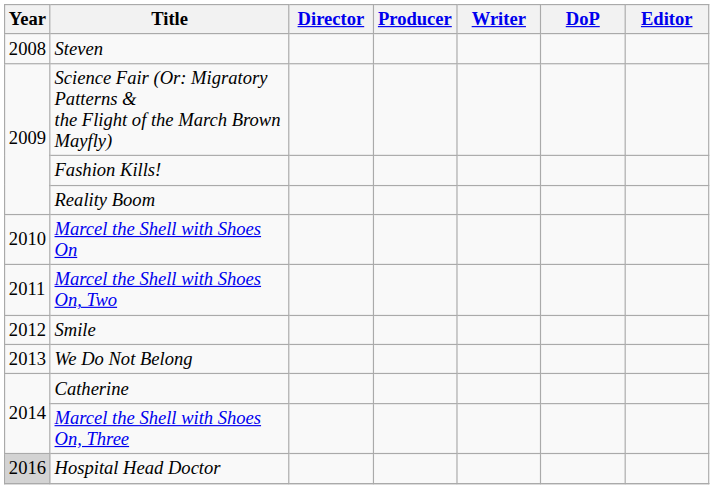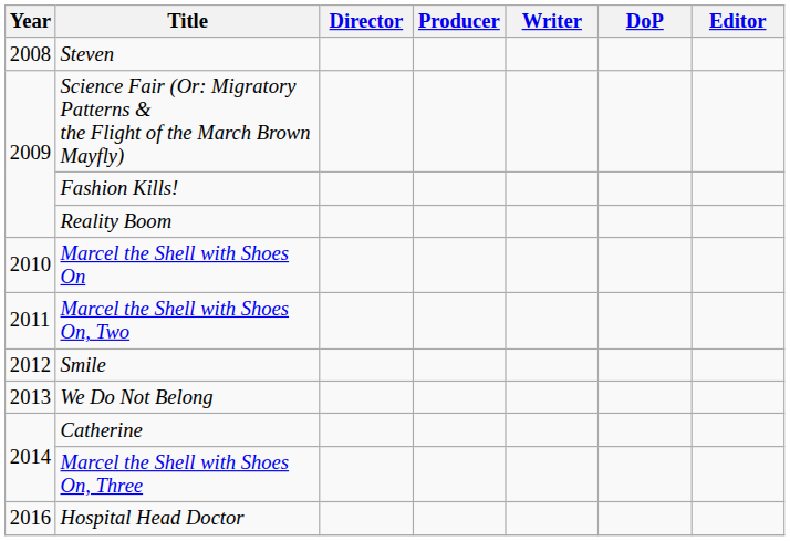 <table class="wikitable">
 <tr>
 <th>Year</th>
 <th>Title</th>
 <th width=65><a href='#'>Director</a></th>
 <th width=65><a href='#'>Producer</a></th>
 <th width=65><a href='#'>Writer</a></th>
 <th width=65><a href='#'>DoP</a></th>
 <th width=65><a href='#'>Editor</a></th>
 </tr>
 <tr>
 <td>2008</td>
 <td><em>Steven</em></td>
 <td></td>
 <td></td>
 <td></td>
 <td></td>
 <td></td>
 </tr>
 <tr>
 <td rowspan=3>2009</td>
 <td><em>Science Fair (Or: Migratory Patterns &<br>the Flight of the March Brown Mayfly)</em></td>
 <td></td>
 <td></td>
 <td></td>
 <td></td>
 <td></td>
 </tr>
 <tr>
 <td><em>Fashion Kills!</em></td>
 <td></td>
 <td></td>
 <td></td>
 <td></td>
 <td></td>
 </tr>
 <tr>
 <td><em>Reality Boom</em></td>
 <td></td>
 <td></td>
 <td></td>
 <td></td>
 <td></td>
 </tr>
 <tr>
 <td>2010</td>
 <td><em><a href='#'>Marcel the Shell with Shoes On</a></em></td>
 <td></td>
 <td></td>
 <td></td>
 <td></td>
 <td></td>
 </tr>
 <tr>
 <td>2011</td>
 <td><em><a href='#'>Marcel the Shell with Shoes On, Two</a></em></td>
 <td></td>
 <td></td>
 <td></td>
 <td></td>
 <td></td>
 </tr>
 <tr>
 <td>2012</td>
 <td><em>Smile</em></td>
 <td></td>
 <td></td>
 <td></td>
 <td></td>
 <td></td>
 </tr>
 <tr>
 <td>2013</td>
 <td><em>We Do Not Belong</em></td>
 <td></td>
 <td></td>
 <td></td>
 <td></td>
 <td></td>
 </tr>
 <tr>
 <td rowspan=2>2014</td>
 <td><em>Catherine</em></td>
 <td></td>
 <td></td>
 <td></td>
 <td></td>
 <td></td>
 </tr>
 <tr>
 <td><em><a href='#'>Marcel the Shell with Shoes On, Three</a></em></td>
 <td></td>
 <td></td>
 <td></td>
 <td></td>
 <td></td>
 </tr>
 <tr>
-<td style="background: lightgrey;">2016</td>
+<td>2016</td>
 <td><em>Hospital Head Doctor</em></td>
 <td></td>
 <td></td>
 <td></td>
 <td></td>
 <td></td>
 </tr>
 <tr>
 </tr>
 </table>
